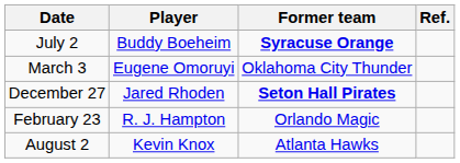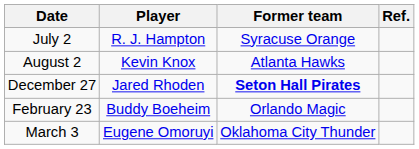 <table class="wikitable sortable sortable" style="text-align: center">
 <tr>
 <th>Date</th>
 <th>Player</th>
 <th>Former team</th>
 <th>Ref.</th>
 </tr>
 <tr>
 <td>July 2</td>
-<td><a href='#'>Buddy Boeheim</a></td>
-<td><strong><a href='#'>Syracuse Orange</a></strong></td>
+<td><a href='#'>R. J. Hampton</a></td>
+<td><a href='#'>Syracuse Orange</a></td>
 <td></td>
 </tr>
 <tr>
-<td>March 3</td>
-<td><a href='#'>Eugene Omoruyi</a></td>
-<td><a href='#'>Oklahoma City Thunder</a></td>
+<td>August 2</td>
+<td><a href='#'>Kevin Knox</a></td>
+<td><a href='#'>Atlanta Hawks</a></td>
 <td></td>
 </tr>
 <tr>
 <td>December 27</td>
 <td><a href='#'>Jared Rhoden</a></td>
 <td><strong><a href='#'>Seton Hall Pirates</a></strong></td>
 <td></td>
 </tr>
 <tr>
 <td>February 23</td>
-<td><a href='#'>R. J. Hampton</a></td>
+<td><a href='#'>Buddy Boeheim</a></td>
 <td><a href='#'>Orlando Magic</a></td>
 <td></td>
 </tr>
 <tr>
-<td>August 2</td>
-<td><a href='#'>Kevin Knox</a></td>
-<td><a href='#'>Atlanta Hawks</a></td>
+<td>March 3</td>
+<td><a href='#'>Eugene Omoruyi</a></td>
+<td><a href='#'>Oklahoma City Thunder</a></td>
 <td></td>
 </tr>
 </table>
